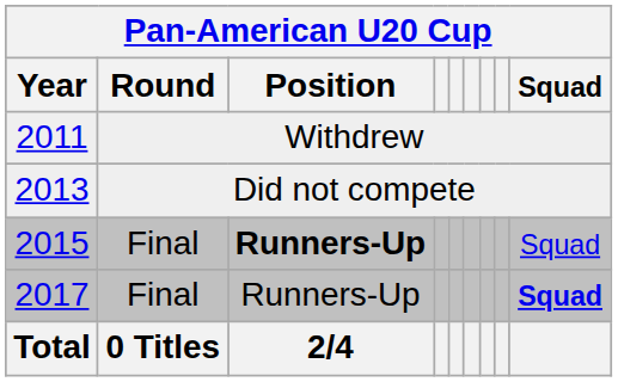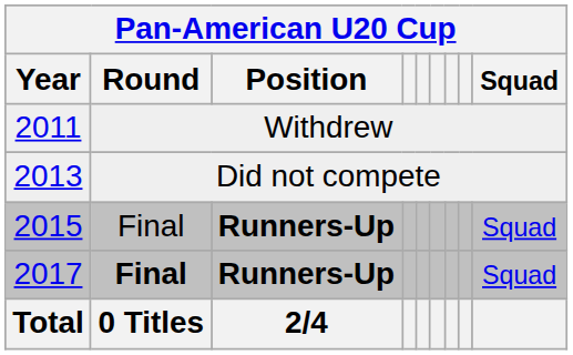 <table class="wikitable" style="text-align: center;">
 <tr>
 <th colspan=9><a href='#'>Pan-American U20 Cup</a></th>
 </tr>
 <tr>
 <th>Year</th>
 <th>Round</th>
 <th>Position</th>
 <th></th>
 <th></th>
 <th></th>
 <th></th>
 <th></th>
 <th><small>Squad</small></th>
 </tr>
 <tr bgcolor="efefef">
 <td> <a href='#'>2011</a></td>
 <td colspan=9>Withdrew</td>
 </tr>
 <tr bgcolor="efefef">
 <td> <a href='#'>2013</a></td>
 <td colspan=9>Did not compete</td>
 </tr>
 <tr bgcolor=silver>
 <td> <a href='#'>2015</a></td>
 <td>Final</td>
 <td><strong>Runners-Up</strong></td>
 <td></td>
 <td></td>
 <td></td>
 <td></td>
 <td></td>
 <td><small><a href='#'>Squad</a></small></td>
 </tr>
 <tr bgcolor=silver>
 <td> <a href='#'>2017</a></td>
-<td>Final</td>
-<td>Runners-Up</td>
+<td><strong>Final</strong></td>
+<td><strong>Runners-Up</strong></td>
 <td></td>
 <td></td>
 <td></td>
 <td></td>
 <td></td>
-<td><strong><small><a href='#'>Squad</a></small></strong></td>
+<td><small><a href='#'>Squad</a></small></td>
 </tr>
 <tr>
 <th>Total</th>
 <th>0 Titles</th>
 <th>2/4</th>
 <th></th>
 <th></th>
 <th></th>
 <th></th>
 <th></th>
 <th></th>
 </tr>
 </table>
